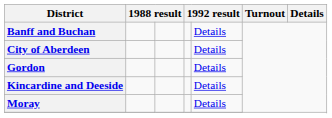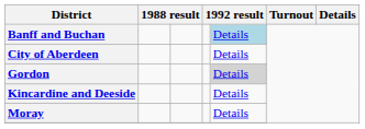 <table class="wikitable">
 <tr>
 <th scope="col">District</th>
 <th scope="col"  colspan="2">1988 result</th>
 <th scope="col" colspan="2">1992 result</th>
 <th scope="col">Turnout</th>
 <th scope="col">Details</th>
 </tr>
 <tr>
 <th scope="row" style="text-align: left;"><a href='#'>Banff and Buchan</a></th>
 <td></td>
 <td></td>
 <td></td>
-<td><a href='#'>Details</a></td>
+<td style="background: lightblue;"><a href='#'>Details</a></td>
 </tr>
 <tr>
 <th scope="row" style="text-align: left;"><a href='#'>City of Aberdeen</a></th>
 <td></td>
 <td></td>
 <td></td>
 <td><a href='#'>Details</a></td>
 </tr>
 <tr>
 <th scope="row" style="text-align: left;"><a href='#'>Gordon</a></th>
 <td></td>
 <td></td>
 <td></td>
-<td><a href='#'>Details</a></td>
+<td style="background: lightgrey;"><a href='#'>Details</a></td>
 </tr>
 <tr>
 <th scope="row" style="text-align: left;"><a href='#'>Kincardine and Deeside</a></th>
 <td></td>
 <td></td>
 <td></td>
 <td><a href='#'>Details</a></td>
 </tr>
 <tr>
 <th scope="row" style="text-align: left;"><a href='#'>Moray</a></th>
 <td></td>
 <td></td>
 <td></td>
 <td><a href='#'>Details</a></td>
 </tr>
 <tr>
 </tr>
 </table>
